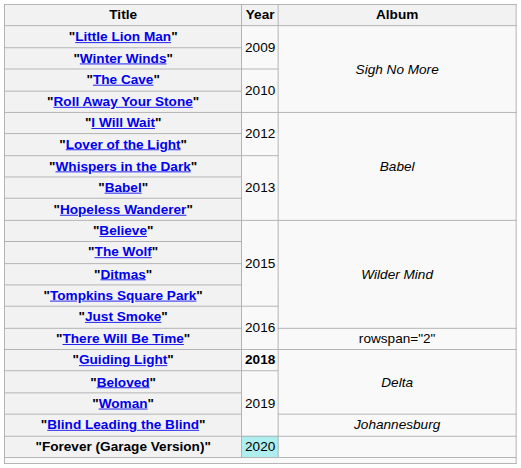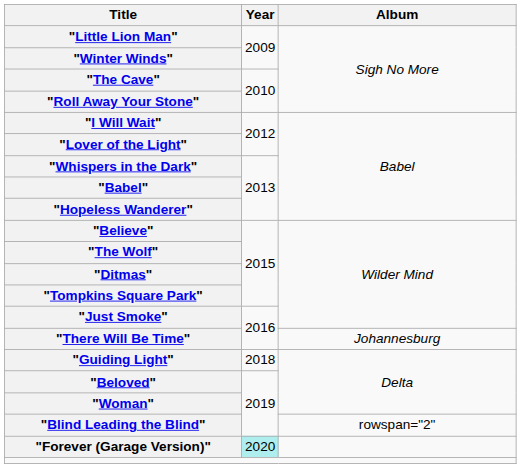 <table class="wikitable plainrowheaders" style="text-align:center;">
 <tr>
 <th scope="col" style="width:17em;">Title</th>
 <th scope="col" style="width:1em;">Year</th>
 <th scope="col" style="width:17em;">Album</th>
 </tr>
 <tr>
 <th scope="row">"<a href='#'>Little Lion Man</a>"</th>
 <td rowspan="2">2009</td>
 <td rowspan="4"><em>Sigh No More</em></td>
 </tr>
 <tr>
 <th scope="row">"<a href='#'>Winter Winds</a>"</th>
 </tr>
 <tr>
 <th scope="row">"<a href='#'>The Cave</a>"</th>
 <td rowspan="2">2010</td>
 </tr>
 <tr>
 <th scope="row">"<a href='#'>Roll Away Your Stone</a>"</th>
 </tr>
 <tr>
 <th scope="row">"<a href='#'>I Will Wait</a>"</th>
 <td rowspan="2">2012</td>
 <td rowspan="5"><em>Babel</em></td>
 </tr>
 <tr>
 <th scope="row">"<a href='#'>Lover of the Light</a>"</th>
 </tr>
 <tr>
 <th scope="row">"<a href='#'>Whispers in the Dark</a>"</th>
 <td rowspan="3">2013</td>
 </tr>
 <tr>
 <th scope="row">"<a href='#'>Babel</a>"</th>
 </tr>
 <tr>
 <th scope="row">"<a href='#'>Hopeless Wanderer</a>"</th>
 </tr>
 <tr>
 <th scope="row">"<a href='#'>Believe</a>"</th>
 <td rowspan="4">2015</td>
 <td rowspan="5"><em>Wilder Mind</em></td>
 </tr>
 <tr>
 <th scope="row">"<a href='#'>The Wolf</a>"</th>
 </tr>
 <tr>
 <th scope="row">"<a href='#'>Ditmas</a>"</th>
 </tr>
 <tr>
 <th scope="row">"<a href='#'>Tompkins Square Park</a>"</th>
 </tr>
 <tr>
 <th scope="row">"<a href='#'>Just Smoke</a>"</th>
 <td rowspan="2">2016</td>
 </tr>
 <tr>
 <th scope="row">"<a href='#'>There Will Be Time</a>"<br></th>
-<td>rowspan="2" </td>
+<td><em>Johannesburg</em></td>
 </tr>
 <tr>
 <th scope="row">"<a href='#'>Guiding Light</a>"</th>
-<td><strong>2018</strong></td>
+<td>2018</td>
 <td rowspan="3"><em>Delta</em></td>
 </tr>
 <tr>
 <th scope="row">"<a href='#'>Beloved</a>"</th>
 <td rowspan="3">2019</td>
 </tr>
 <tr>
 <th scope="row">"<a href='#'>Woman</a>"</th>
 </tr>
 <tr>
 <th scope="row">"<a href='#'>Blind Leading the Blind</a>"</th>
-<td><em>Johannesburg</em></td>
+<td>rowspan="2" </td>
 </tr>
 <tr>
 <th scope="row">"Forever (Garage Version)"</th>
 <td style="background: paleturquoise;">2020</td>
 </tr>
 <tr>
 <td colspan="3" style="font-size:90%"></td>
 </tr>
 </table>
